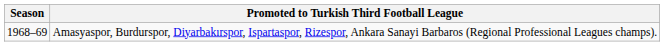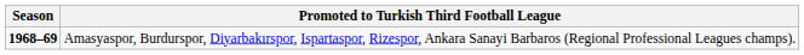 <table class="wikitable">
 <tr>
 <th>Season</th>
 <th>Promoted to Turkish Third Football League</th>
 </tr>
 <tr>
-<td>1968–69</td>
+<td><strong>1968–69</strong></td>
 <td>Amasyaspor, Burdurspor, <a href='#'>Diyarbakırspor</a>, <a href='#'>Ispartaspor</a>, <a href='#'>Rizespor</a>, Ankara Sanayi Barbaros (Regional Professional Leagues champs).</td>
 </tr>
 </table>
